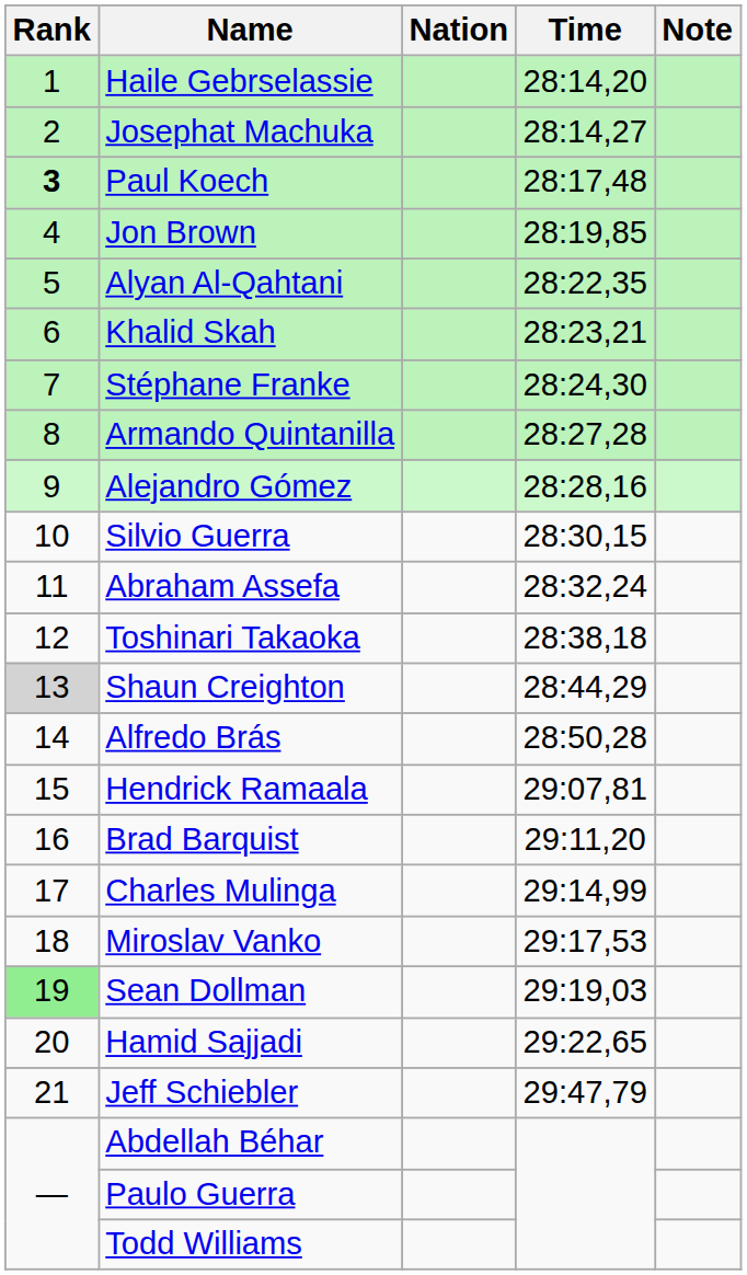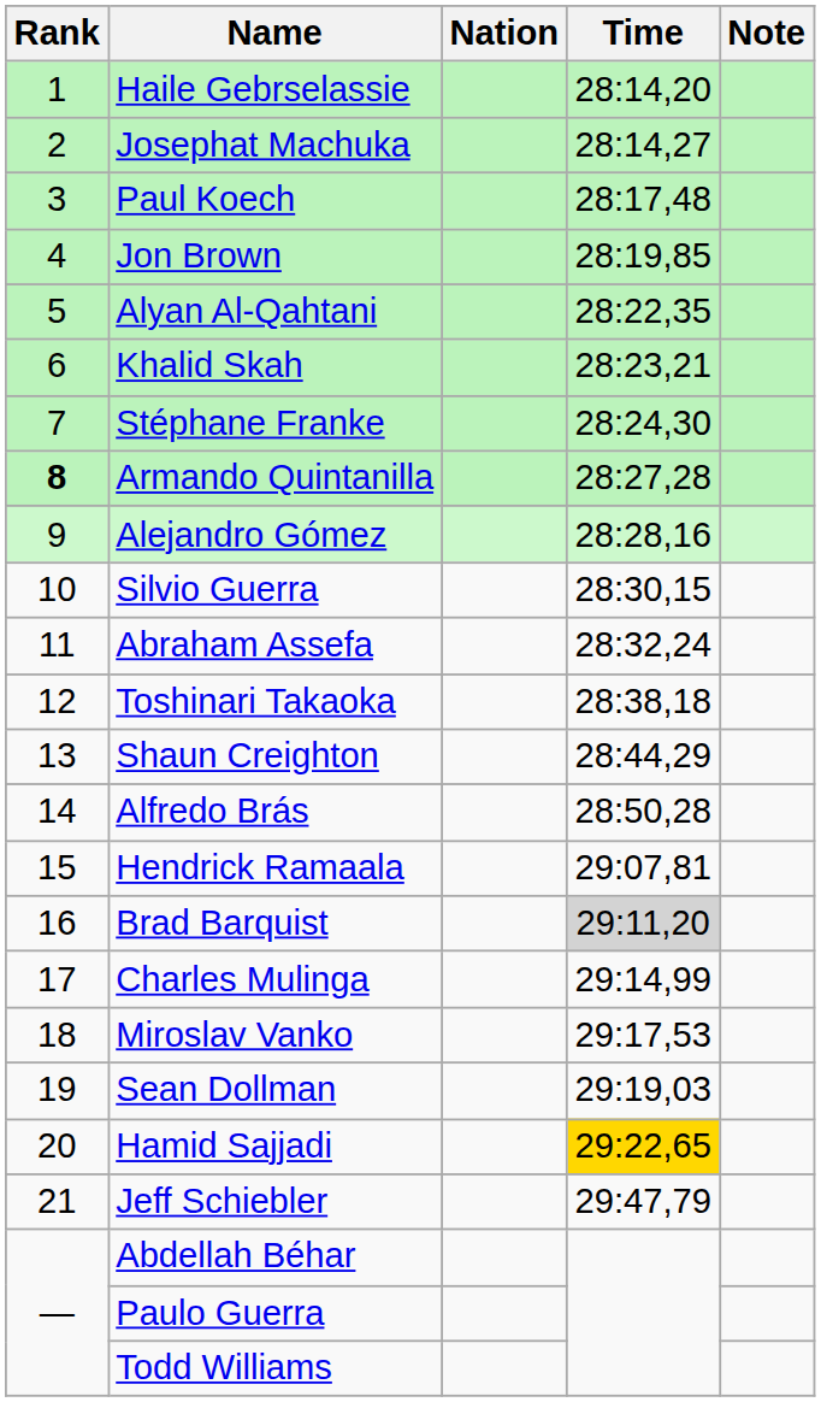 <table class="wikitable">
 <tr>
 <th>Rank</th>
 <th>Name</th>
 <th>Nation</th>
 <th>Time</th>
 <th>Note</th>
 </tr>
 <tr style="background:#bbf3bb;">
 <td align=center>1</td>
 <td><a href='#'>Haile Gebrselassie</a></td>
 <td></td>
 <td align=center>28:14,20</td>
 <td align=center></td>
 </tr>
 <tr style="background:#bbf3bb;">
 <td align=center>2</td>
 <td><a href='#'>Josephat Machuka</a></td>
 <td></td>
 <td align=center>28:14,27</td>
 <td align=center></td>
 </tr>
 <tr style="background:#bbf3bb;">
-<td align=center><strong>3</strong></td>
+<td align=center>3</td>
 <td><a href='#'>Paul Koech</a></td>
 <td></td>
 <td align=center>28:17,48</td>
 <td align=center></td>
 </tr>
 <tr style="background:#bbf3bb;">
 <td align=center>4</td>
 <td><a href='#'>Jon Brown</a></td>
 <td></td>
 <td align=center>28:19,85</td>
 <td align=center></td>
 </tr>
 <tr style="background:#bbf3bb;">
 <td align=center>5</td>
 <td><a href='#'>Alyan Al-Qahtani</a></td>
 <td></td>
 <td align=center>28:22,35</td>
 <td align=center></td>
 </tr>
 <tr style="background:#bbf3bb;">
 <td align=center>6</td>
 <td><a href='#'>Khalid Skah</a></td>
 <td></td>
 <td align=center>28:23,21</td>
 <td align=center></td>
 </tr>
 <tr style="background:#bbf3bb;">
 <td align=center>7</td>
 <td><a href='#'>Stéphane Franke</a></td>
 <td></td>
 <td align=center>28:24,30</td>
 <td align=center></td>
 </tr>
 <tr style="background:#bbf3bb;">
-<td align=center>8</td>
+<td align=center><strong>8</strong></td>
 <td><a href='#'>Armando Quintanilla</a></td>
 <td></td>
 <td align=center>28:27,28</td>
 <td align=center></td>
 </tr>
 <tr style="background:#ccf9cc;">
 <td align=center>9</td>
 <td><a href='#'>Alejandro Gómez</a></td>
 <td></td>
 <td align=center>28:28,16</td>
 <td align=center></td>
 </tr>
 <tr>
 <td align=center>10</td>
 <td><a href='#'>Silvio Guerra</a></td>
 <td></td>
 <td align=center>28:30,15</td>
 <td></td>
 </tr>
 <tr>
 <td align=center>11</td>
 <td><a href='#'>Abraham Assefa</a></td>
 <td></td>
 <td align=center>28:32,24</td>
 <td></td>
 </tr>
 <tr>
 <td align=center>12</td>
 <td><a href='#'>Toshinari Takaoka</a></td>
 <td></td>
 <td align=center>28:38,18</td>
 <td></td>
 </tr>
 <tr>
-<td align=center style="background: lightgrey;">13</td>
+<td align=center>13</td>
 <td><a href='#'>Shaun Creighton</a></td>
 <td></td>
 <td align=center>28:44,29</td>
 <td></td>
 </tr>
 <tr>
 <td align=center>14</td>
 <td><a href='#'>Alfredo Brás</a></td>
 <td></td>
 <td align=center>28:50,28</td>
 <td></td>
 </tr>
 <tr>
 <td align=center>15</td>
 <td><a href='#'>Hendrick Ramaala</a></td>
 <td></td>
 <td align=center>29:07,81</td>
 <td></td>
 </tr>
 <tr>
 <td align=center>16</td>
 <td><a href='#'>Brad Barquist</a></td>
 <td></td>
-<td align=center>29:11,20</td>
+<td align=center style="background: lightgrey;">29:11,20</td>
 <td></td>
 </tr>
 <tr>
 <td align=center>17</td>
 <td><a href='#'>Charles Mulinga</a></td>
 <td></td>
 <td align=center>29:14,99</td>
 <td></td>
 </tr>
 <tr>
 <td align=center>18</td>
 <td><a href='#'>Miroslav Vanko</a></td>
 <td></td>
 <td align=center>29:17,53</td>
 <td></td>
 </tr>
 <tr>
-<td align=center style="background: lightgreen;">19</td>
+<td align=center>19</td>
 <td><a href='#'>Sean Dollman</a></td>
 <td></td>
 <td align=center>29:19,03</td>
 <td></td>
 </tr>
 <tr>
 <td align=center>20</td>
 <td><a href='#'>Hamid Sajjadi</a></td>
 <td></td>
-<td align=center>29:22,65</td>
+<td align=center style="background: gold;">29:22,65</td>
 <td></td>
 </tr>
 <tr>
 <td align=center>21</td>
 <td><a href='#'>Jeff Schiebler</a></td>
 <td></td>
 <td align=center>29:47,79</td>
 <td></td>
 </tr>
 <tr>
 <td rowspan=3 align=center>—</td>
 <td><a href='#'>Abdellah Béhar</a></td>
 <td></td>
 <td rowspan=3  align=center></td>
 <td></td>
 </tr>
 <tr>
 <td><a href='#'>Paulo Guerra</a></td>
 <td></td>
 <td></td>
 </tr>
 <tr>
 <td><a href='#'>Todd Williams</a></td>
 <td></td>
 <td></td>
 </tr>
 </table>
